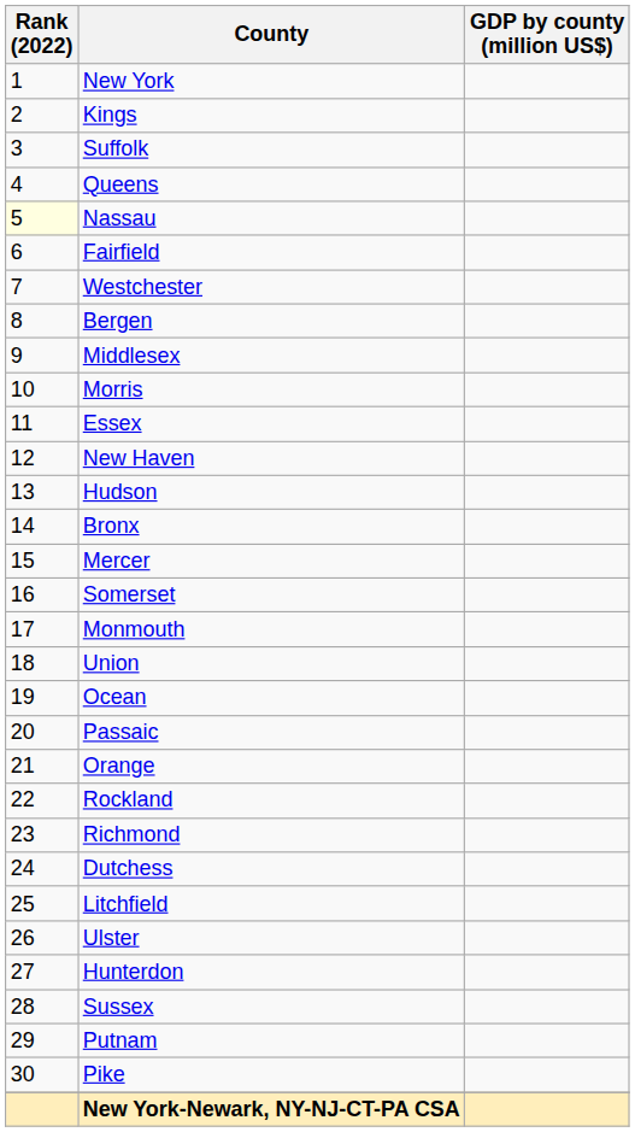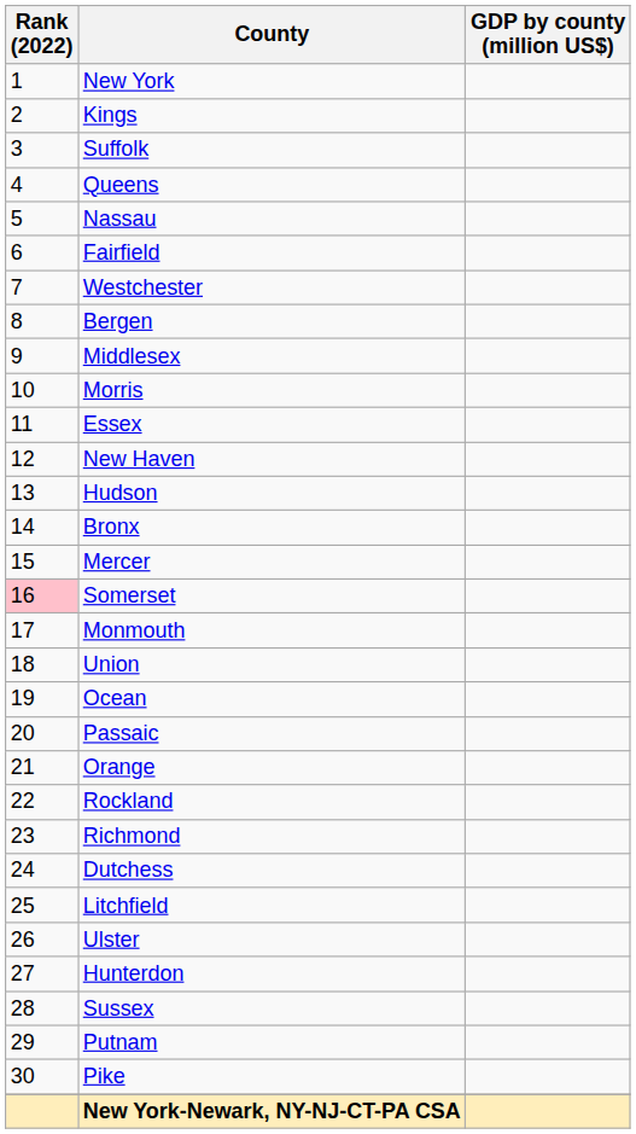 <table class="wikitable">
 <tr>
 <th>Rank<br>(2022)</th>
 <th>County</th>
 <th>GDP by county<br>(million US$)</th>
 </tr>
 <tr>
 <td>1</td>
 <td><a href='#'>New York</a></td>
 <td></td>
 </tr>
 <tr>
 <td>2</td>
 <td><a href='#'>Kings</a></td>
 <td></td>
 </tr>
 <tr>
 <td>3</td>
 <td><a href='#'>Suffolk</a></td>
 <td></td>
 </tr>
 <tr>
 <td>4</td>
 <td><a href='#'>Queens</a></td>
 <td></td>
 </tr>
 <tr>
-<td style="background: lightyellow;">5</td>
+<td>5</td>
 <td><a href='#'>Nassau</a></td>
 <td></td>
 </tr>
 <tr>
 <td>6</td>
 <td><a href='#'>Fairfield</a></td>
 <td></td>
 </tr>
 <tr>
 <td>7</td>
 <td><a href='#'>Westchester</a></td>
 <td></td>
 </tr>
 <tr>
 <td>8</td>
 <td><a href='#'>Bergen</a></td>
 <td></td>
 </tr>
 <tr>
 <td>9</td>
 <td><a href='#'>Middlesex</a></td>
 <td></td>
 </tr>
 <tr>
 <td>10</td>
 <td><a href='#'>Morris</a></td>
 <td></td>
 </tr>
 <tr>
 <td>11</td>
 <td><a href='#'>Essex</a></td>
 <td></td>
 </tr>
 <tr>
 <td>12</td>
 <td><a href='#'>New Haven</a></td>
 <td></td>
 </tr>
 <tr>
 <td>13</td>
 <td><a href='#'>Hudson</a></td>
 <td></td>
 </tr>
 <tr>
 <td>14</td>
 <td><a href='#'>Bronx</a></td>
 <td></td>
 </tr>
 <tr>
 <td>15</td>
 <td><a href='#'>Mercer</a></td>
 <td></td>
 </tr>
 <tr>
-<td>16</td>
+<td style="background: pink;">16</td>
 <td><a href='#'>Somerset</a></td>
 <td></td>
 </tr>
 <tr>
 <td>17</td>
 <td><a href='#'>Monmouth</a></td>
 <td></td>
 </tr>
 <tr>
 <td>18</td>
 <td><a href='#'>Union</a></td>
 <td></td>
 </tr>
 <tr>
 <td>19</td>
 <td><a href='#'>Ocean</a></td>
 <td></td>
 </tr>
 <tr>
 <td>20</td>
 <td><a href='#'>Passaic</a></td>
 <td></td>
 </tr>
 <tr>
 <td>21</td>
 <td><a href='#'>Orange</a></td>
 <td></td>
 </tr>
 <tr>
 <td>22</td>
 <td><a href='#'>Rockland</a></td>
 <td></td>
 </tr>
 <tr>
 <td>23</td>
 <td><a href='#'>Richmond</a></td>
 <td></td>
 </tr>
 <tr>
 <td>24</td>
 <td><a href='#'>Dutchess</a></td>
 <td></td>
 </tr>
 <tr>
 <td>25</td>
 <td><a href='#'>Litchfield</a></td>
 <td></td>
 </tr>
 <tr>
 <td>26</td>
 <td><a href='#'>Ulster</a></td>
 <td></td>
 </tr>
 <tr>
 <td>27</td>
 <td><a href='#'>Hunterdon</a></td>
 <td></td>
 </tr>
 <tr>
 <td>28</td>
 <td><a href='#'>Sussex</a></td>
 <td></td>
 </tr>
 <tr>
 <td>29</td>
 <td><a href='#'>Putnam</a></td>
 <td></td>
 </tr>
 <tr>
 <td>30</td>
 <td><a href='#'>Pike</a></td>
 <td></td>
 </tr>
 <tr>
 </tr>
 <tr style="background:#feb;">
 <td></td>
 <td><strong>New York-Newark, NY-NJ-CT-PA CSA</strong></td>
 <td></td>
 </tr>
 </table>
